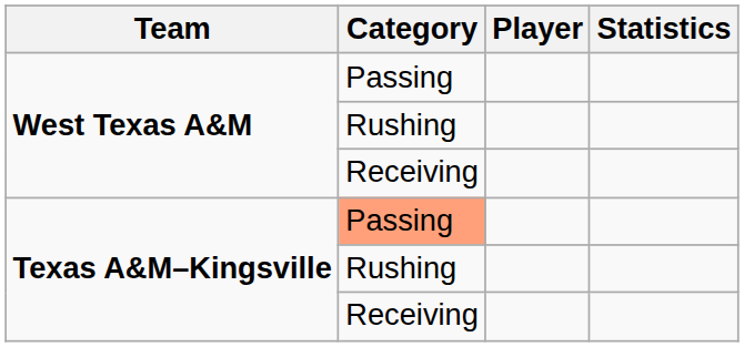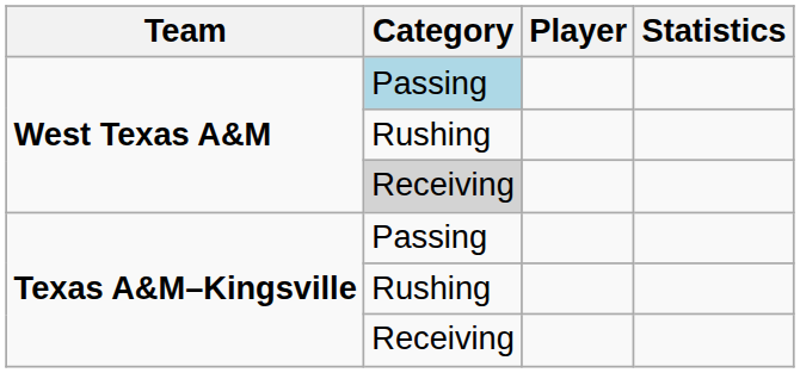 <table class="wikitable" style="float: right;">
 <tr>
 <th>Team</th>
 <th>Category</th>
 <th>Player</th>
 <th>Statistics</th>
 </tr>
 <tr>
 <td rowspan=3><strong>West Texas A&M</strong></td>
+<td style="background: lightblue;">Passing</td>
+<td></td>
+<td></td>
+</tr>
+<tr>
+<td>Rushing</td>
+<td></td>
+<td></td>
+</tr>
+<tr>
+<td style="background: lightgrey;">Receiving</td>
+<td></td>
+<td></td>
+</tr>
+<tr>
+<td rowspan=3><strong>Texas A&M–Kingsville</strong></td>
 <td>Passing</td>
 <td></td>
 <td></td>
 </tr>
 <tr>
 <td>Rushing</td>
 <td></td>
 <td></td>
 </tr>
 <tr>
 <td>Receiving</td>
 <td></td>
 <td></td>
 </tr>
-<tr>
-<td rowspan=3><strong>Texas A&M–Kingsville</strong></td>
-<td style="background: lightsalmon;">Passing</td>
-<td></td>
-<td></td>
-</tr>
-<tr>
-<td>Rushing</td>
-<td></td>
-<td></td>
-</tr>
-<tr>
-<td>Receiving</td>
-<td></td>
-<td></td>
-</tr>
 </table>
